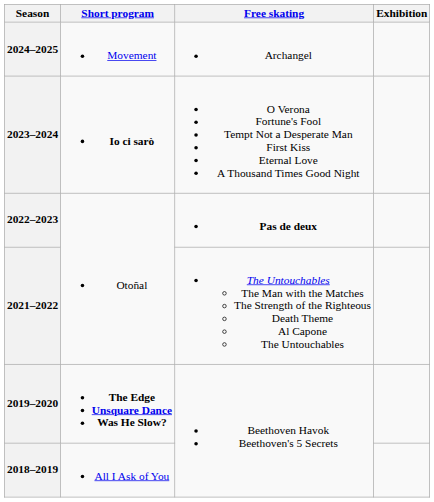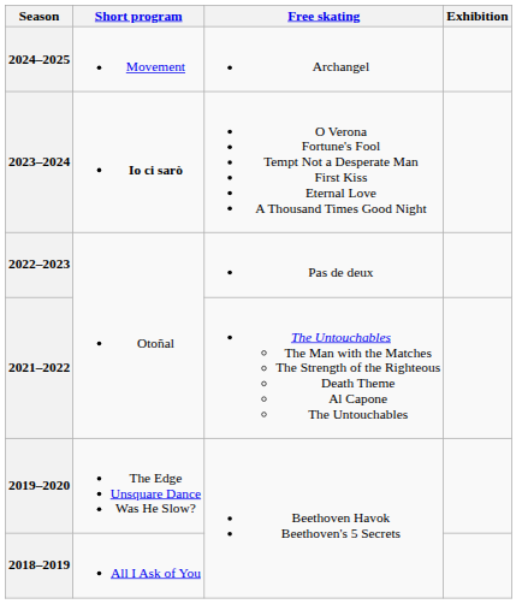 <table class=wikitable style=text-align:center>
 <tr>
 <th>Season</th>
 <th><a href='#'>Short program</a></th>
 <th><a href='#'>Free skating</a></th>
 <th>Exhibition</th>
 </tr>
 <tr>
 <th>2024–2025 <br> </th>
 <td><br><ul><li><a href='#'>Movement</a> <br> </li></ul></td>
 <td><br><ul><li>Archangel <br> </li></ul></td>
 <td></td>
 </tr>
 <tr>
 <th>2023–2024 <br> </th>
 <td><strong><br><ul><li>Io ci sarò <br> </li></ul></strong></td>
 <td><br><ul><li>O Verona <br> </li><li>Fortune's Fool</li><li>Tempt Not a Desperate Man</li><li>First Kiss</li><li>Eternal Love</li><li>A Thousand Times Good Night <br> </li></ul></td>
 <td></td>
 </tr>
 <tr>
 <th>2022–2023 <br> </th>
 <td rowspan=2><br><ul><li>Otoñal  <br> </li></ul></td>
-<td><strong><br><ul><li>Pas de deux <br> </li></ul></strong></td>
+<td><br><ul><li>Pas de deux <br> </li></ul></td>
 <td></td>
 </tr>
 <tr>
 <th>2021–2022 <br> </th>
 <td><br><ul><li><em><a href='#'>The Untouchables</a></em><ul><li>The Man with the Matches</li><li>The Strength of the Righteous</li><li>Death Theme</li><li>Al Capone</li><li>The Untouchables <br> </li></ul></li></ul></td>
 <td></td>
 </tr>
 <tr>
 <th>2019–2020</th>
-<td><strong><br><ul><li>The Edge <br> </li><li><a href='#'>Unsquare Dance</a> <br> </li><li>Was He Slow? <br> </li></ul></strong></td>
+<td><br><ul><li>The Edge <br> </li><li><a href='#'>Unsquare Dance</a> <br> </li><li>Was He Slow? <br> </li></ul></td>
 <td rowspan=2><br><ul><li>Beethoven Havok <br> </li><li>Beethoven's 5 Secrets <br> </li></ul></td>
 <td></td>
 </tr>
 <tr>
 <th>2018–2019</th>
 <td><br><ul><li><a href='#'>All I Ask of You</a> <br> </li></ul></td>
 <td></td>
 </tr>
 </table>
